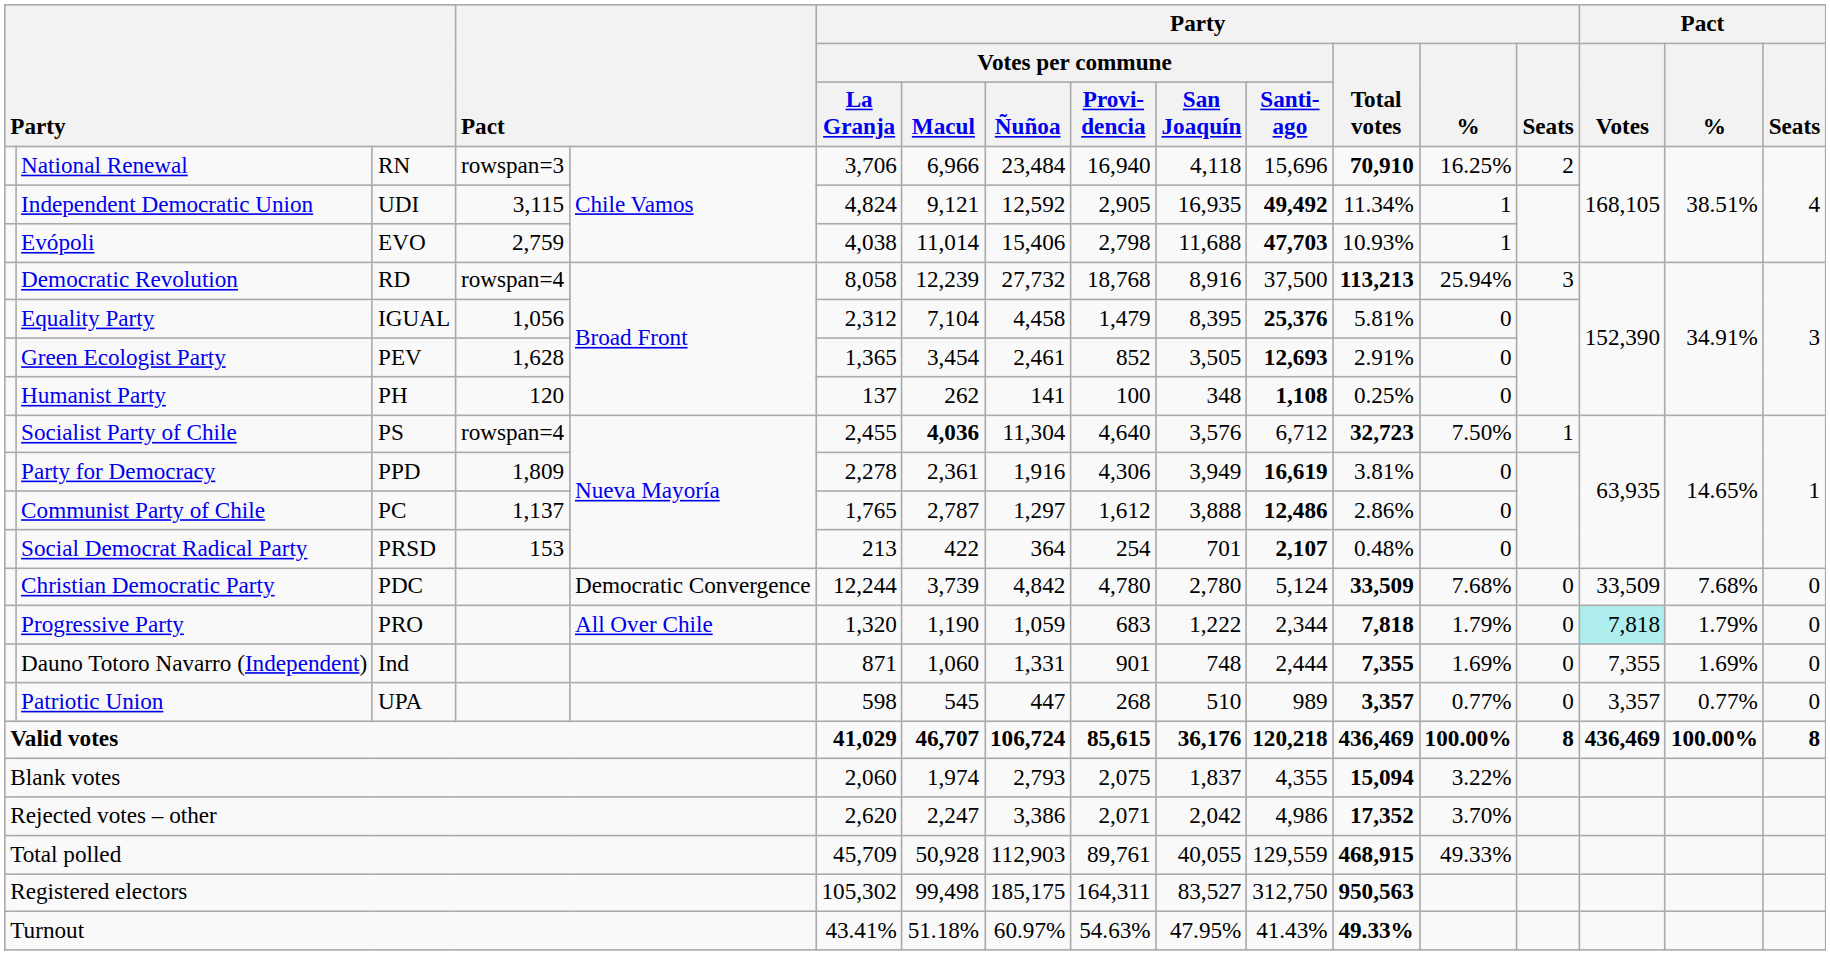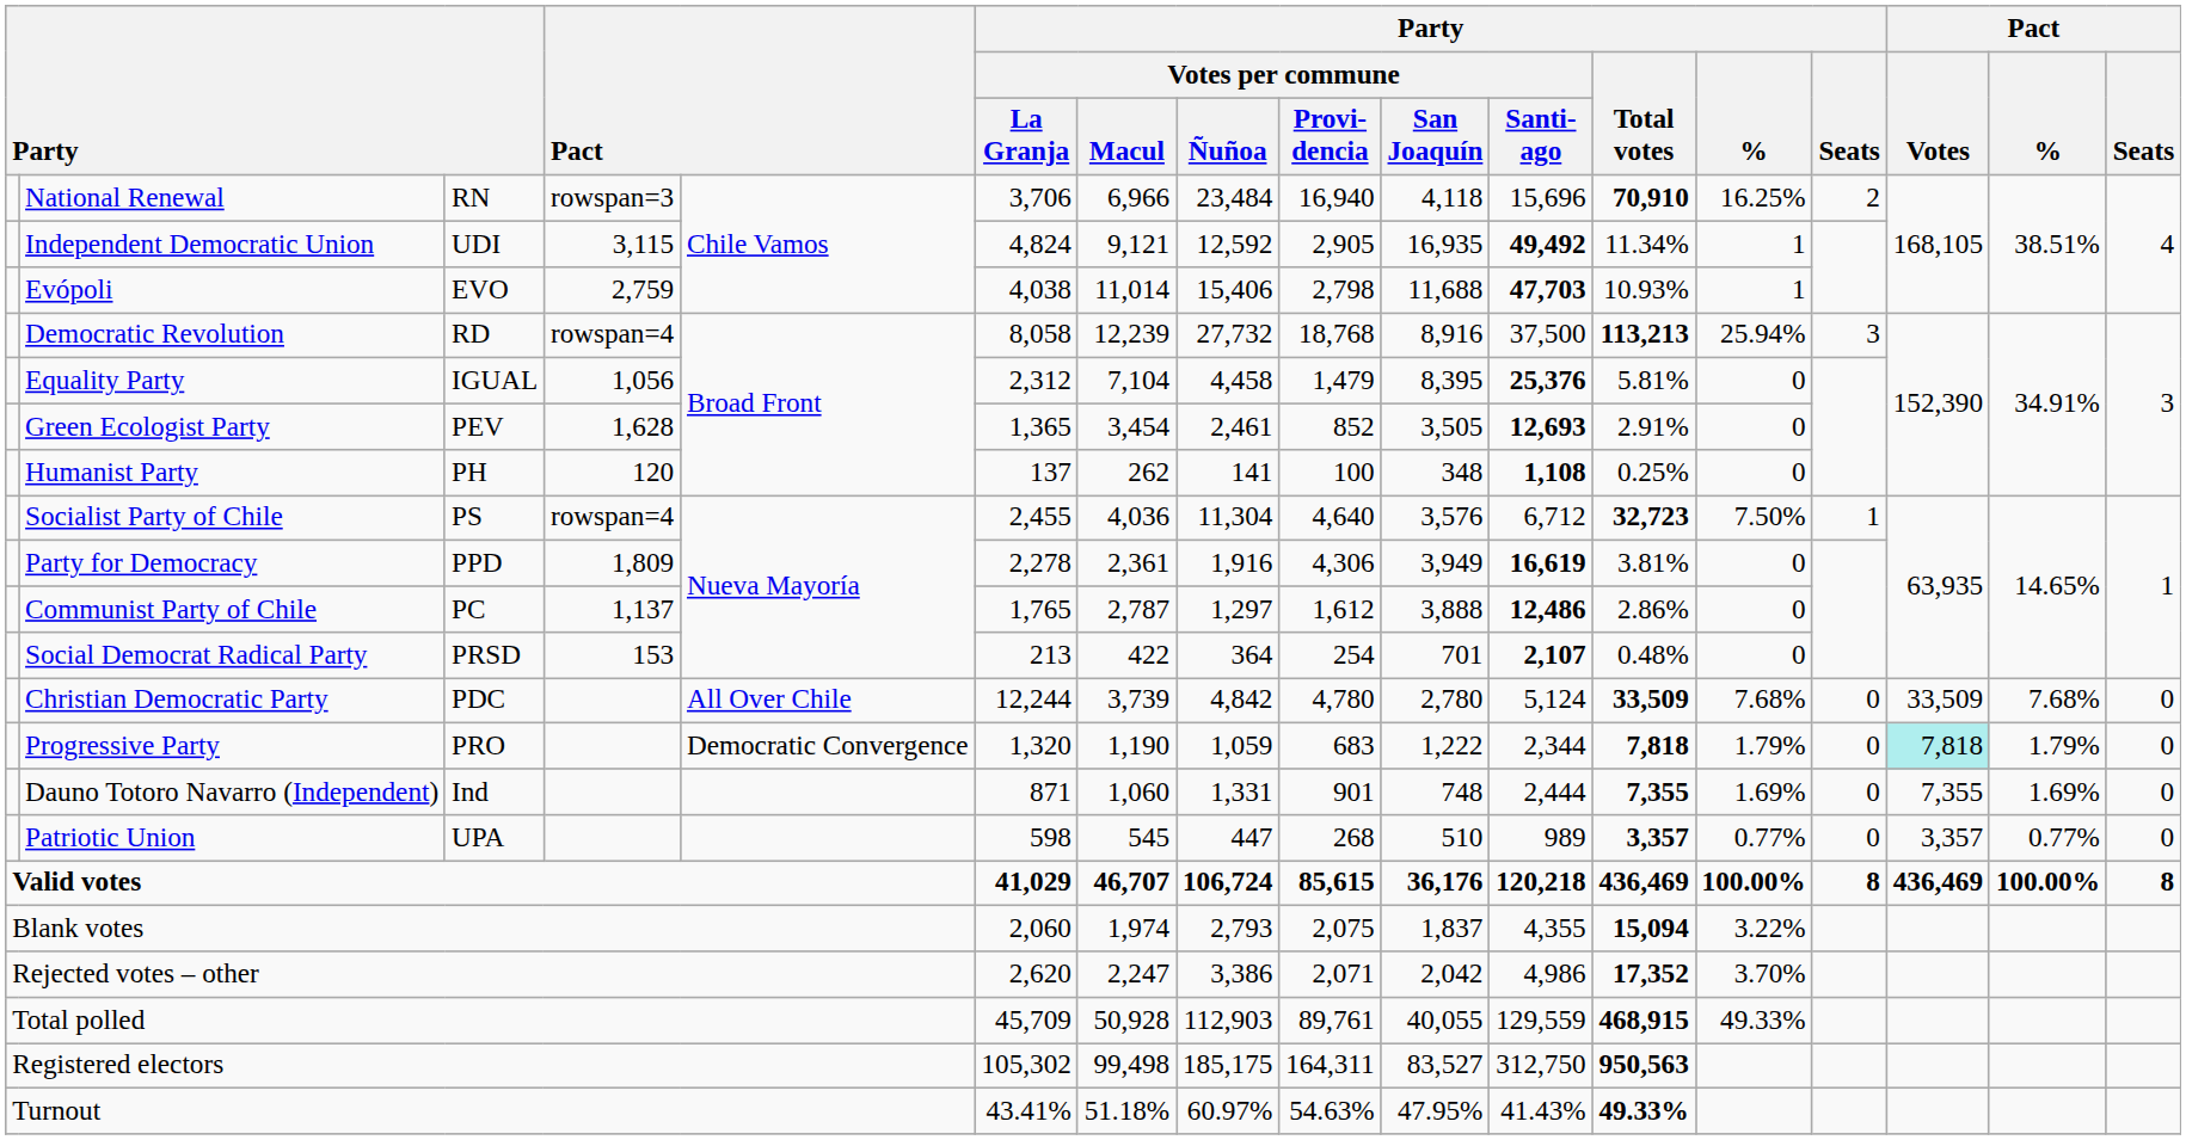 <table class="wikitable" border="1" style="font-size:90%; text-align:right; white-space: nowrap;">
 <tr>
 <th style="text-align:left;" valign=bottom rowspan=3 colspan=3>Party</th>
 <th style="text-align:left;" valign=bottom rowspan=3 colspan=2>Pact</th>
 <th colspan=9>Party</th>
 <th colspan=3>Pact</th>
 </tr>
 <tr>
 <th colspan=6>Votes per commune</th>
 <th align=center valign=bottom rowspan=2 width="40">Total<br>votes</th>
 <th align=center valign=bottom rowspan=2 width="40">%</th>
 <th align=center valign=bottom rowspan=2>Seats</th>
 <th align=center valign=bottom rowspan=2 width="40">Votes</th>
 <th align=center valign=bottom rowspan=2 width="40">%</th>
 <th align=center valign=bottom rowspan=2>Seats</th>
 </tr>
 <tr>
 <th align=center valign=bottom width="40"><a href='#'>La<br>Granja</a></th>
 <th align=center valign=bottom width="40"><a href='#'>Macul</a></th>
 <th align=center valign=bottom width="40"><a href='#'>Ñuñoa</a></th>
 <th align=center valign=bottom width="40"><a href='#'>Provi-<br>dencia</a></th>
 <th align=center valign=bottom width="40"><a href='#'>San<br>Joaquín</a></th>
 <th align=center valign=bottom width="40"><a href='#'>Santi-<br>ago</a></th>
 </tr>
 <tr>
 <td></td>
 <td align=left><a href='#'>National Renewal</a></td>
 <td align=left>RN</td>
 <td>rowspan=3 </td>
 <td rowspan=3 align=left><a href='#'>Chile Vamos</a></td>
 <td>3,706</td>
 <td>6,966</td>
 <td>23,484</td>
 <td>16,940</td>
 <td>4,118</td>
 <td>15,696</td>
 <td><strong>70,910</strong></td>
 <td>16.25%</td>
 <td>2</td>
 <td rowspan=3>168,105</td>
 <td rowspan=3>38.51%</td>
 <td rowspan=3>4</td>
 </tr>
 <tr>
 <td></td>
 <td align=left><a href='#'>Independent Democratic Union</a></td>
 <td align=left>UDI</td>
 <td>3,115</td>
 <td>4,824</td>
 <td>9,121</td>
 <td>12,592</td>
 <td>2,905</td>
 <td>16,935</td>
 <td><strong>49,492</strong></td>
 <td>11.34%</td>
 <td>1</td>
 </tr>
 <tr>
 <td></td>
 <td align=left><a href='#'>Evópoli</a></td>
 <td align=left>EVO</td>
 <td>2,759</td>
 <td>4,038</td>
 <td>11,014</td>
 <td>15,406</td>
 <td>2,798</td>
 <td>11,688</td>
 <td><strong>47,703</strong></td>
 <td>10.93%</td>
 <td>1</td>
 </tr>
 <tr>
 <td></td>
 <td align=left><a href='#'>Democratic Revolution</a></td>
 <td align=left>RD</td>
 <td>rowspan=4 </td>
 <td rowspan=4 align=left><a href='#'>Broad Front</a></td>
 <td>8,058</td>
 <td>12,239</td>
 <td>27,732</td>
 <td>18,768</td>
 <td>8,916</td>
 <td>37,500</td>
 <td><strong>113,213</strong></td>
 <td>25.94%</td>
 <td>3</td>
 <td rowspan=4>152,390</td>
 <td rowspan=4>34.91%</td>
 <td rowspan=4>3</td>
 </tr>
 <tr>
 <td></td>
 <td align=left><a href='#'>Equality Party</a></td>
 <td align=left>IGUAL</td>
 <td>1,056</td>
 <td>2,312</td>
 <td>7,104</td>
 <td>4,458</td>
 <td>1,479</td>
 <td>8,395</td>
 <td><strong>25,376</strong></td>
 <td>5.81%</td>
 <td>0</td>
 </tr>
 <tr>
 <td></td>
 <td align=left><a href='#'>Green Ecologist Party</a></td>
 <td align=left>PEV</td>
 <td>1,628</td>
 <td>1,365</td>
 <td>3,454</td>
 <td>2,461</td>
 <td>852</td>
 <td>3,505</td>
 <td><strong>12,693</strong></td>
 <td>2.91%</td>
 <td>0</td>
 </tr>
 <tr>
 <td></td>
 <td align=left><a href='#'>Humanist Party</a></td>
 <td align=left>PH</td>
 <td>120</td>
 <td>137</td>
 <td>262</td>
 <td>141</td>
 <td>100</td>
 <td>348</td>
 <td><strong>1,108</strong></td>
 <td>0.25%</td>
 <td>0</td>
 </tr>
 <tr>
 <td></td>
 <td align=left><a href='#'>Socialist Party of Chile</a></td>
 <td align=left>PS</td>
 <td>rowspan=4 </td>
 <td rowspan=4 align=left><a href='#'>Nueva Mayoría</a></td>
 <td>2,455</td>
-<td><strong>4,036</strong></td>
+<td>4,036</td>
 <td>11,304</td>
 <td>4,640</td>
 <td>3,576</td>
 <td>6,712</td>
 <td><strong>32,723</strong></td>
 <td>7.50%</td>
 <td>1</td>
 <td rowspan=4>63,935</td>
 <td rowspan=4>14.65%</td>
 <td rowspan=4>1</td>
 </tr>
 <tr>
 <td></td>
 <td align=left><a href='#'>Party for Democracy</a></td>
 <td align=left>PPD</td>
 <td>1,809</td>
 <td>2,278</td>
 <td>2,361</td>
 <td>1,916</td>
 <td>4,306</td>
 <td>3,949</td>
 <td><strong>16,619</strong></td>
 <td>3.81%</td>
 <td>0</td>
 </tr>
 <tr>
 <td></td>
 <td align=left><a href='#'>Communist Party of Chile</a></td>
 <td align=left>PC</td>
 <td>1,137</td>
 <td>1,765</td>
 <td>2,787</td>
 <td>1,297</td>
 <td>1,612</td>
 <td>3,888</td>
 <td><strong>12,486</strong></td>
 <td>2.86%</td>
 <td>0</td>
 </tr>
 <tr>
 <td></td>
 <td align=left><a href='#'>Social Democrat Radical Party</a></td>
 <td align=left>PRSD</td>
 <td>153</td>
 <td>213</td>
 <td>422</td>
 <td>364</td>
 <td>254</td>
 <td>701</td>
 <td><strong>2,107</strong></td>
 <td>0.48%</td>
 <td>0</td>
 </tr>
 <tr>
 <td></td>
 <td align=left><a href='#'>Christian Democratic Party</a></td>
 <td align=left>PDC</td>
 <td></td>
-<td align=left>Democratic Convergence</td>
+<td align=left><a href='#'>All Over Chile</a></td>
 <td>12,244</td>
 <td>3,739</td>
 <td>4,842</td>
 <td>4,780</td>
 <td>2,780</td>
 <td>5,124</td>
 <td><strong>33,509</strong></td>
 <td>7.68%</td>
 <td>0</td>
 <td>33,509</td>
 <td>7.68%</td>
 <td>0</td>
 </tr>
 <tr>
 <td></td>
 <td align=left><a href='#'>Progressive Party</a></td>
 <td align=left>PRO</td>
 <td></td>
-<td align=left><a href='#'>All Over Chile</a></td>
+<td align=left>Democratic Convergence</td>
 <td>1,320</td>
 <td>1,190</td>
 <td>1,059</td>
 <td>683</td>
 <td>1,222</td>
 <td>2,344</td>
 <td><strong>7,818</strong></td>
 <td>1.79%</td>
 <td>0</td>
 <td style="background: paleturquoise;">7,818</td>
 <td>1.79%</td>
 <td>0</td>
 </tr>
 <tr>
 <td></td>
 <td align=left>Dauno Totoro Navarro (<a href='#'>Independent</a>)</td>
 <td align=left>Ind</td>
 <td></td>
 <td></td>
 <td>871</td>
 <td>1,060</td>
 <td>1,331</td>
 <td>901</td>
 <td>748</td>
 <td>2,444</td>
 <td><strong>7,355</strong></td>
 <td>1.69%</td>
 <td>0</td>
 <td>7,355</td>
 <td>1.69%</td>
 <td>0</td>
 </tr>
 <tr>
 <td></td>
 <td align=left><a href='#'>Patriotic Union</a></td>
 <td align=left>UPA</td>
 <td></td>
 <td></td>
 <td>598</td>
 <td>545</td>
 <td>447</td>
 <td>268</td>
 <td>510</td>
 <td>989</td>
 <td><strong>3,357</strong></td>
 <td>0.77%</td>
 <td>0</td>
 <td>3,357</td>
 <td>0.77%</td>
 <td>0</td>
 </tr>
 <tr style="font-weight:bold">
 <td align=left colspan=5>Valid votes</td>
 <td>41,029</td>
 <td>46,707</td>
 <td>106,724</td>
 <td>85,615</td>
 <td>36,176</td>
 <td>120,218</td>
 <td>436,469</td>
 <td>100.00%</td>
 <td>8</td>
 <td>436,469</td>
 <td>100.00%</td>
 <td>8</td>
 </tr>
 <tr>
 <td align=left colspan=5>Blank votes</td>
 <td>2,060</td>
 <td>1,974</td>
 <td>2,793</td>
 <td>2,075</td>
 <td>1,837</td>
 <td>4,355</td>
 <td><strong>15,094</strong></td>
 <td>3.22%</td>
 <td></td>
 <td></td>
 <td></td>
 <td></td>
 </tr>
 <tr>
 <td align=left colspan=5>Rejected votes – other</td>
 <td>2,620</td>
 <td>2,247</td>
 <td>3,386</td>
 <td>2,071</td>
 <td>2,042</td>
 <td>4,986</td>
 <td><strong>17,352</strong></td>
 <td>3.70%</td>
 <td></td>
 <td></td>
 <td></td>
 <td></td>
 </tr>
 <tr>
 <td align=left colspan=5>Total polled</td>
 <td>45,709</td>
 <td>50,928</td>
 <td>112,903</td>
 <td>89,761</td>
 <td>40,055</td>
 <td>129,559</td>
 <td><strong>468,915</strong></td>
 <td>49.33%</td>
 <td></td>
 <td></td>
 <td></td>
 <td></td>
 </tr>
 <tr>
 <td align=left colspan=5>Registered electors</td>
 <td>105,302</td>
 <td>99,498</td>
 <td>185,175</td>
 <td>164,311</td>
 <td>83,527</td>
 <td>312,750</td>
 <td><strong>950,563</strong></td>
 <td></td>
 <td></td>
 <td></td>
 <td></td>
 <td></td>
 </tr>
 <tr>
 <td align=left colspan=5>Turnout</td>
 <td>43.41%</td>
 <td>51.18%</td>
 <td>60.97%</td>
 <td>54.63%</td>
 <td>47.95%</td>
 <td>41.43%</td>
 <td><strong>49.33%</strong></td>
 <td></td>
 <td></td>
 <td></td>
 <td></td>
 <td></td>
 </tr>
 </table>
